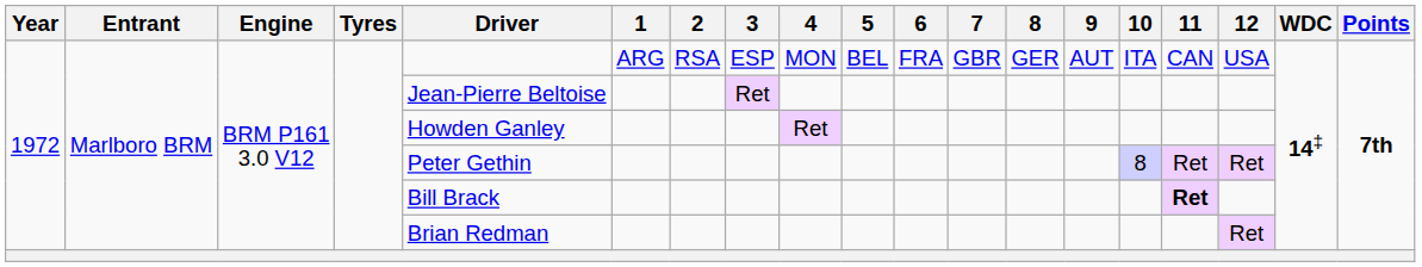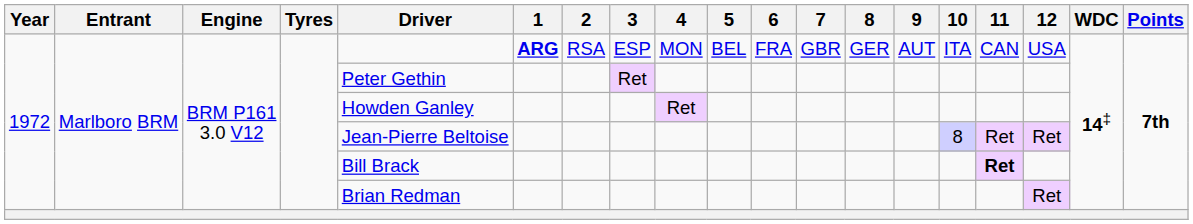 <table class="wikitable" style="text-align:center; font-size:95%">
 <tr>
 <th>Year</th>
 <th>Entrant</th>
 <th>Engine</th>
 <th>Tyres</th>
 <th>Driver</th>
 <th>1</th>
 <th>2</th>
 <th>3</th>
 <th>4</th>
 <th>5</th>
 <th>6</th>
 <th>7</th>
 <th>8</th>
 <th>9</th>
 <th>10</th>
 <th>11</th>
 <th>12</th>
 <th>WDC</th>
 <th><a href='#'>Points</a></th>
 </tr>
 <tr>
 <td rowspan="6"><a href='#'>1972</a></td>
 <td rowspan="6"><a href='#'>Marlboro</a> <a href='#'>BRM</a></td>
 <td rowspan="6"><a href='#'>BRM P161</a> <br>3.0 <a href='#'>V12</a></td>
 <td rowspan="6"></td>
 <td></td>
-<td><a href='#'>ARG</a></td>
+<td><strong><a href='#'>ARG</a></strong></td>
 <td><a href='#'>RSA</a></td>
 <td><a href='#'>ESP</a></td>
 <td><a href='#'>MON</a></td>
 <td><a href='#'>BEL</a></td>
 <td><a href='#'>FRA</a></td>
 <td><a href='#'>GBR</a></td>
 <td><a href='#'>GER</a></td>
 <td><a href='#'>AUT</a></td>
 <td><a href='#'>ITA</a></td>
 <td><a href='#'>CAN</a></td>
 <td><a href='#'>USA</a></td>
 <td rowspan="6"><strong>14</strong><sup>‡</sup></td>
 <td rowspan="6"><strong>7th</strong></td>
 </tr>
 <tr>
-<td align="left"><a href='#'>Jean-Pierre Beltoise</a></td>
+<td align="left"><a href='#'>Peter Gethin</a></td>
 <td></td>
 <td></td>
 <td style="background:#EFCFFF;">Ret</td>
 <td></td>
 <td></td>
 <td></td>
 <td></td>
 <td></td>
 <td></td>
 <td></td>
 <td></td>
 <td></td>
 </tr>
 <tr>
 <td align="left"><a href='#'>Howden Ganley</a></td>
 <td></td>
 <td></td>
 <td></td>
 <td style="background:#EFCFFF;">Ret</td>
 <td></td>
 <td></td>
 <td></td>
 <td></td>
 <td></td>
 <td></td>
 <td></td>
 <td></td>
 </tr>
 <tr>
-<td align="left"><a href='#'>Peter Gethin</a></td>
+<td align="left"><a href='#'>Jean-Pierre Beltoise</a></td>
 <td></td>
 <td></td>
 <td></td>
 <td></td>
 <td></td>
 <td></td>
 <td></td>
 <td></td>
 <td></td>
 <td style="background:#CFCFFF;">8</td>
 <td style="background:#EFCFFF;">Ret</td>
 <td style="background:#EFCFFF;">Ret</td>
 </tr>
 <tr>
 <td align="left"><a href='#'>Bill Brack</a></td>
 <td></td>
 <td></td>
 <td></td>
 <td></td>
 <td></td>
 <td></td>
 <td></td>
 <td></td>
 <td></td>
 <td></td>
 <td style="background:#EFCFFF;"><strong>Ret</strong></td>
 <td></td>
 </tr>
 <tr>
 <td align="left"><a href='#'>Brian Redman</a></td>
 <td></td>
 <td></td>
 <td></td>
 <td></td>
 <td></td>
 <td></td>
 <td></td>
 <td></td>
 <td></td>
 <td></td>
 <td></td>
 <td style="background:#EFCFFF;">Ret</td>
 </tr>
 <tr>
 <th colspan="19"></th>
 </tr>
 </table>
